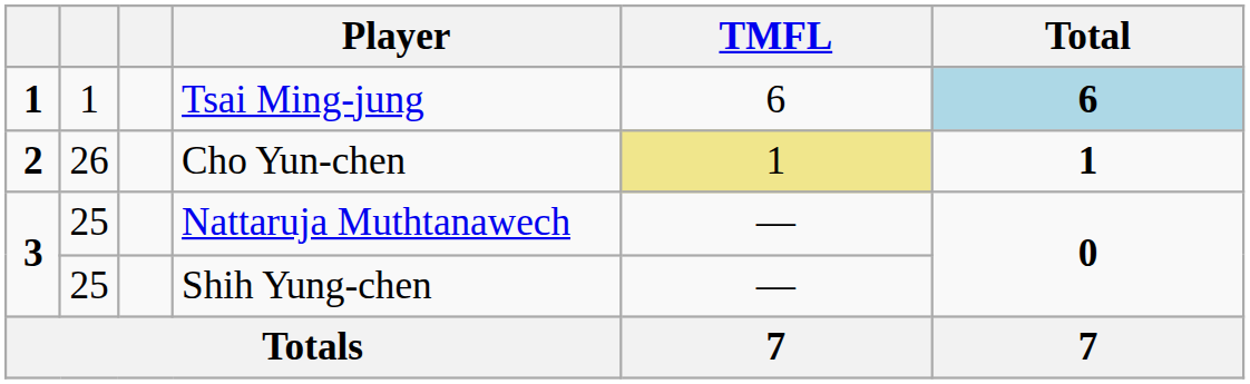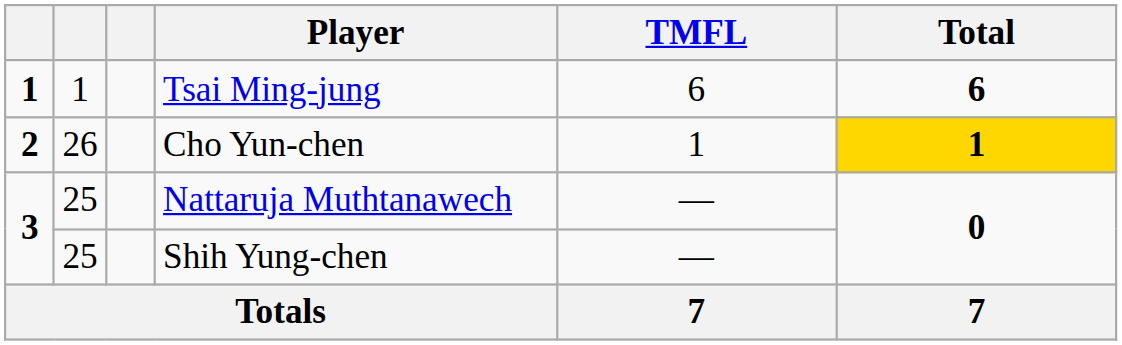 <table class="wikitable" style="text-align:center">
 <tr>
 <th width=15></th>
 <th width=15></th>
 <th width=15></th>
 <th width=175>Player</th>
 <th width=120><a href='#'>TMFL</a></th>
 <th width=120>Total</th>
 </tr>
 <tr>
 <td><strong>1</strong></td>
 <td>1</td>
 <td></td>
 <td align=left><a href='#'>Tsai Ming-jung</a></td>
 <td>6</td>
-<td style="background: lightblue;"><strong>6</strong></td>
+<td><strong>6</strong></td>
 </tr>
 <tr>
 <td><strong>2</strong></td>
 <td>26</td>
 <td></td>
 <td align=left>Cho Yun-chen</td>
-<td style="background: khaki;">1</td>
-<td><strong>1</strong></td>
+<td>1</td>
+<td style="background: gold;"><strong>1</strong></td>
 </tr>
 <tr>
 <td rowspan=2><strong>3</strong></td>
 <td>25</td>
 <td></td>
 <td align=left><a href='#'>Nattaruja Muthtanawech</a></td>
 <td>—</td>
 <td rowspan=2><strong>0</strong></td>
 </tr>
 <tr>
 <td>25</td>
 <td></td>
 <td align=left>Shih Yung-chen</td>
 <td>—</td>
 </tr>
 <tr>
 <th colspan=4><strong>Totals</strong></th>
 <th><strong>7</strong></th>
 <th><strong>7</strong></th>
 </tr>
 </table>
